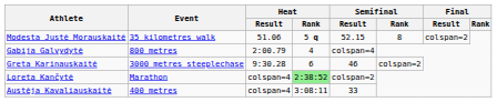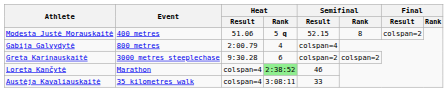 <table class="wikitable" style="font-size:90%">
 <tr>
 <th rowspan="2">Athlete</th>
 <th rowspan="2">Event</th>
 <th colspan="2">Heat</th>
 <th colspan="2">Semifinal</th>
 <th colspan="2">Final</th>
 </tr>
 <tr style="font-size:95%">
 <th>Result</th>
 <th>Rank</th>
 <th>Result</th>
 <th>Rank</th>
 <th>Result</th>
 <th>Rank</th>
 </tr>
 <tr align=center>
 <td align=left><a href='#'>Modesta Justė Morauskaitė</a></td>
-<td align=left><a href='#'>35 kilometres walk</a></td>
+<td align=left><a href='#'>400 metres</a></td>
 <td>51.06 </td>
 <td>5 <strong>q</strong></td>
 <td>52.15</td>
 <td>8</td>
 <td>colspan=2 </td>
 </tr>
 <tr align=center>
 <td align=left><a href='#'>Gabija Galvydytė</a></td>
 <td align=left><a href='#'>800 metres</a></td>
 <td>2:00.79</td>
 <td>4</td>
 <td>colspan=4 </td>
 </tr>
 <tr align=center>
 <td align=left><a href='#'>Greta Karinauskaitė</a></td>
 <td align=left><a href='#'>3000 metres steeplechase</a></td>
 <td>9:30.28</td>
 <td>6</td>
-<td>46</td>
+<td>colspan=2</td>
 <td>colspan=2 </td>
 </tr>
 <tr align=center>
 <td align=left><a href='#'>Loreta Kančytė</a></td>
 <td align=left><a href='#'>Marathon</a></td>
 <td>colspan=4</td>
 <td style="background: lightgreen;">2:38:52</td>
-<td>colspan=2</td>
+<td>46</td>
 </tr>
 <tr align=center>
 <td align=left><a href='#'>Austėja Kavaliauskaitė</a></td>
-<td align=left><a href='#'>400 metres</a></td>
+<td align=left><a href='#'>35 kilometres walk</a></td>
 <td>colspan=4</td>
 <td>3:08:11</td>
 <td>33</td>
 </tr>
 </table>
